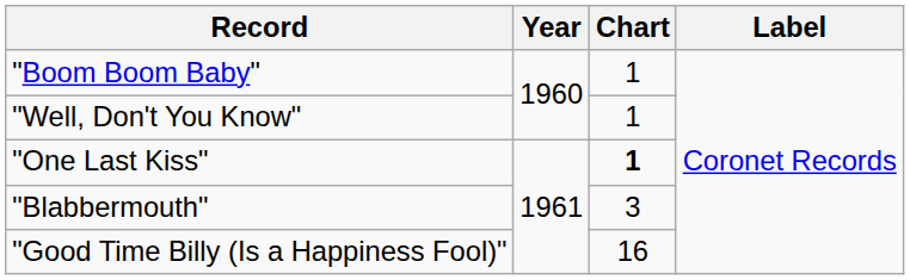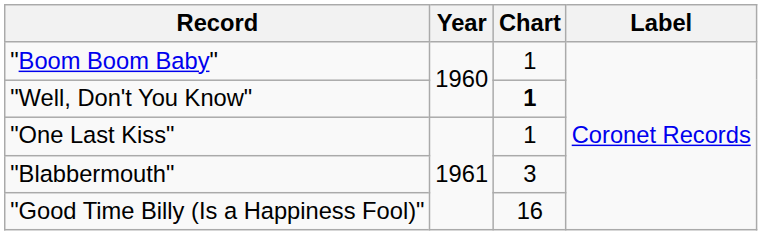 <table class="wikitable">
 <tr>
 <th>Record</th>
 <th>Year</th>
 <th>Chart</th>
 <th>Label</th>
 </tr>
 <tr>
 <td>"<a href='#'>Boom Boom Baby</a>"</td>
 <td rowspan="2">1960</td>
 <td align="center">1</td>
 <td rowspan="5"><a href='#'>Coronet Records</a></td>
 </tr>
 <tr>
 <td>"Well, Don't You Know"</td>
-<td align="center">1</td>
+<td align="center"><strong>1</strong></td>
 </tr>
 <tr>
 <td>"One Last Kiss"</td>
 <td rowspan="3">1961</td>
-<td align="center"><strong>1</strong></td>
+<td align="center">1</td>
 </tr>
 <tr>
 <td>"Blabbermouth"</td>
 <td align="center">3</td>
 </tr>
 <tr>
 <td>"Good Time Billy (Is a Happiness Fool)"</td>
 <td align="center">16</td>
 </tr>
 </table>
